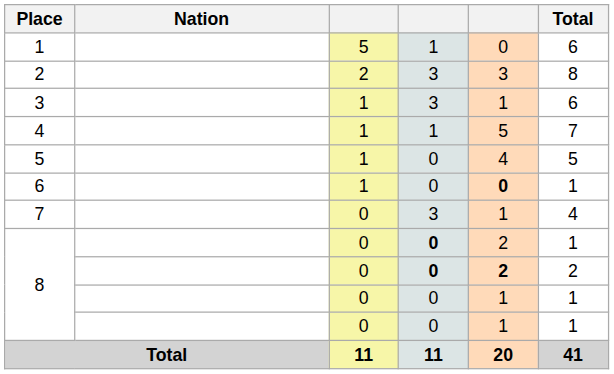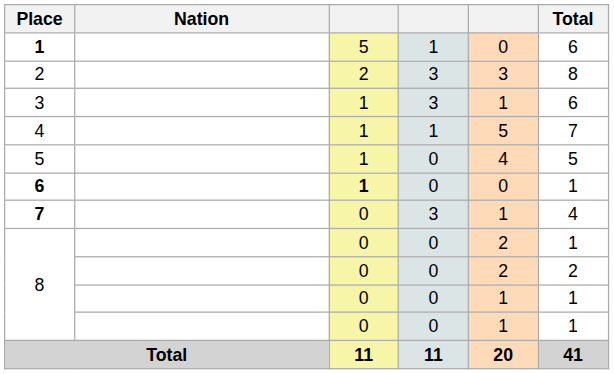 <table class=wikitable style="border:1px solid #AAAAAA;font-size:90%">
 <tr bgcolor="#EFEFEF">
 <th width=50>Place</th>
 <th width=200>Nation</th>
 <th width=50></th>
 <th width=50></th>
 <th width=50></th>
 <th width=50>Total</th>
 </tr>
 <tr align="center" valign="top" bgcolor="#FFFFFF">
-<td>1</td>
+<td><strong>1</strong></td>
 <td align="left"></td>
 <td style="background:#F7F6A8;">5</td>
 <td style="background:#DCE5E5;">1</td>
 <td style="background:#FFDAB9;">0</td>
 <td>6</td>
 </tr>
 <tr align="center" valign="top" bgcolor="#FFFFFF">
 <td>2</td>
 <td align="left"></td>
 <td style="background:#F7F6A8;">2</td>
 <td style="background:#DCE5E5;">3</td>
 <td style="background:#FFDAB9;">3</td>
 <td>8</td>
 </tr>
 <tr align="center" valign="top" bgcolor="#FFFFFF">
 <td>3</td>
 <td align="left"></td>
 <td style="background:#F7F6A8;">1</td>
 <td style="background:#DCE5E5;">3</td>
 <td style="background:#FFDAB9;">1</td>
 <td>6</td>
 </tr>
 <tr align="center" valign="top" bgcolor="#FFFFFF">
 <td>4</td>
 <td align="left"></td>
 <td style="background:#F7F6A8;">1</td>
 <td style="background:#DCE5E5;">1</td>
 <td style="background:#FFDAB9;">5</td>
 <td>7</td>
 </tr>
 <tr align="center" valign="top" bgcolor="#FFFFFF">
 <td>5</td>
 <td align="left"></td>
 <td style="background:#F7F6A8;">1</td>
 <td style="background:#DCE5E5;">0</td>
 <td style="background:#FFDAB9;">4</td>
 <td>5</td>
 </tr>
 <tr align="center" valign="top" bgcolor="#FFFFFF">
-<td>6</td>
+<td><strong>6</strong></td>
 <td align="left"></td>
-<td style="background:#F7F6A8;">1</td>
+<td style="background:#F7F6A8;"><strong>1</strong></td>
 <td style="background:#DCE5E5;">0</td>
-<td style="background:#FFDAB9;"><strong>0</strong></td>
+<td style="background:#FFDAB9;">0</td>
 <td>1</td>
 </tr>
 <tr align="center" valign="top" bgcolor="#FFFFFF">
-<td>7</td>
+<td><strong>7</strong></td>
 <td align="left"></td>
 <td style="background:#F7F6A8;">0</td>
 <td style="background:#DCE5E5;">3</td>
 <td style="background:#FFDAB9;">1</td>
 <td>4</td>
 </tr>
 <tr align="center" bgcolor="#FFFFFF">
 <td rowspan="4" valign="center">8</td>
 <td align="left"></td>
 <td style="background:#F7F6A8;">0</td>
-<td style="background:#DCE5E5;"><strong>0</strong></td>
+<td style="background:#DCE5E5;">0</td>
 <td style="background:#FFDAB9;">2</td>
 <td>1</td>
 </tr>
 <tr align="center" valign="top" bgcolor="#FFFFFF">
 <td align="left"></td>
 <td style="background:#F7F6A8;">0</td>
-<td style="background:#DCE5E5;"><strong>0</strong></td>
-<td style="background:#FFDAB9;"><strong>2</strong></td>
+<td style="background:#DCE5E5;">0</td>
+<td style="background:#FFDAB9;">2</td>
 <td>2</td>
 </tr>
 <tr align="center" valign="top" bgcolor="#FFFFFF">
 <td align="left"></td>
 <td style="background:#F7F6A8;">0</td>
 <td style="background:#DCE5E5;">0</td>
 <td style="background:#FFDAB9;">1</td>
 <td>1</td>
 </tr>
 <tr align="center" valign="top" bgcolor="#FFFFFF">
 <td align="left"></td>
 <td style="background:#F7F6A8;">0</td>
 <td style="background:#DCE5E5;">0</td>
 <td style="background:#FFDAB9;">1</td>
 <td>1</td>
 </tr>
 <tr align="center">
 <td colspan="2" bgcolor=D3D3D3><strong>Total</strong></td>
 <td style="background:#F7F6A8;"><strong>11</strong></td>
 <td style="background:#DCE5E5;"><strong>11</strong></td>
 <td style="background:#FFDAB9;"><strong>20</strong></td>
 <td bgcolor=D3D3D3><strong>41</strong></td>
 </tr>
 </table>
